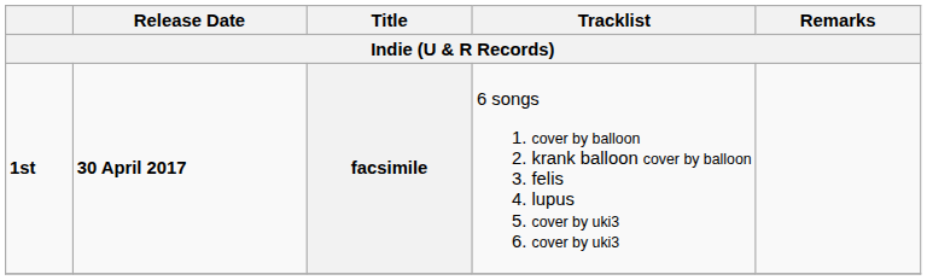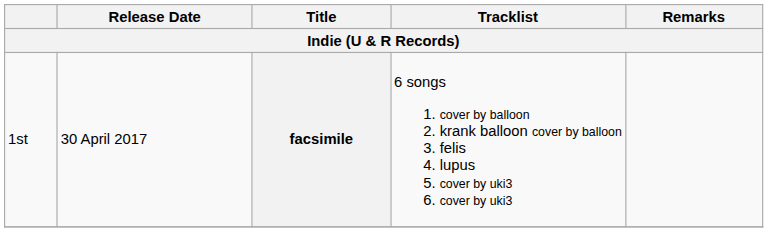 <table class="wikitable" style=font-size:small>
 <tr>
 <th> </th>
 <th>Release Date</th>
 <th>Title</th>
 <th style="width:31%">Tracklist</th>
 <th>Remarks</th>
 </tr>
 <tr>
 <th style="font-size:small;" colspan="6">Indie (U & R Records)</th>
 </tr>
 <tr>
-<td><strong>1st</strong></td>
-<td><strong>30 April 2017</strong></td>
+<td>1st</td>
+<td>30 April 2017</td>
 <th>facsimile</th>
 <td><br>6 songs<ol><li> <small>cover by balloon</small></li><li>krank balloon <small>cover by balloon</small></li><li>felis</li><li>lupus</li><li> <small>cover by uki3</small></li><li> <small>cover by uki3</small></li></ol></td>
 <td></td>
 </tr>
 <tr>
 </tr>
 </table>
